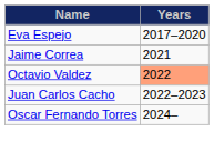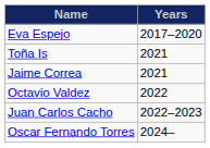 <table class="wikitable">
 <tr>
 <th style=background-color:#122562;color:#c8c8c8>Name</th>
 <th style=background-color:#122562;color:#c8c8c8>Years</th>
 </tr>
 <tr>
 <td> <a href='#'>Eva Espejo</a></td>
 <td>2017–2020</td>
 </tr>
 <tr>
+<td> <a href='#'>Toña Is</a></td>
+<td>2021</td>
+</tr>
+<tr>
 <td> <a href='#'>Jaime Correa</a></td>
 <td>2021</td>
 </tr>
 <tr>
 <td> <a href='#'>Octavio Valdez</a></td>
-<td style="background: lightsalmon;">2022</td>
+<td>2022</td>
 </tr>
 <tr>
 <td> <a href='#'>Juan Carlos Cacho</a></td>
 <td>2022–2023</td>
 </tr>
 <tr>
 <td> <a href='#'>Oscar Fernando Torres</a></td>
 <td>2024–</td>
 </tr>
 </table>
